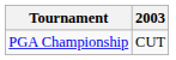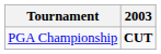 <table class="wikitable" style="font-size:95%;">
 <tr>
 <th>Tournament</th>
 <th>2003</th>
 </tr>
 <tr>
 <td><a href='#'>PGA Championship</a></td>
-<td align="center">CUT</td>
+<td align="center"><strong>CUT</strong></td>
 </tr>
 </table>
